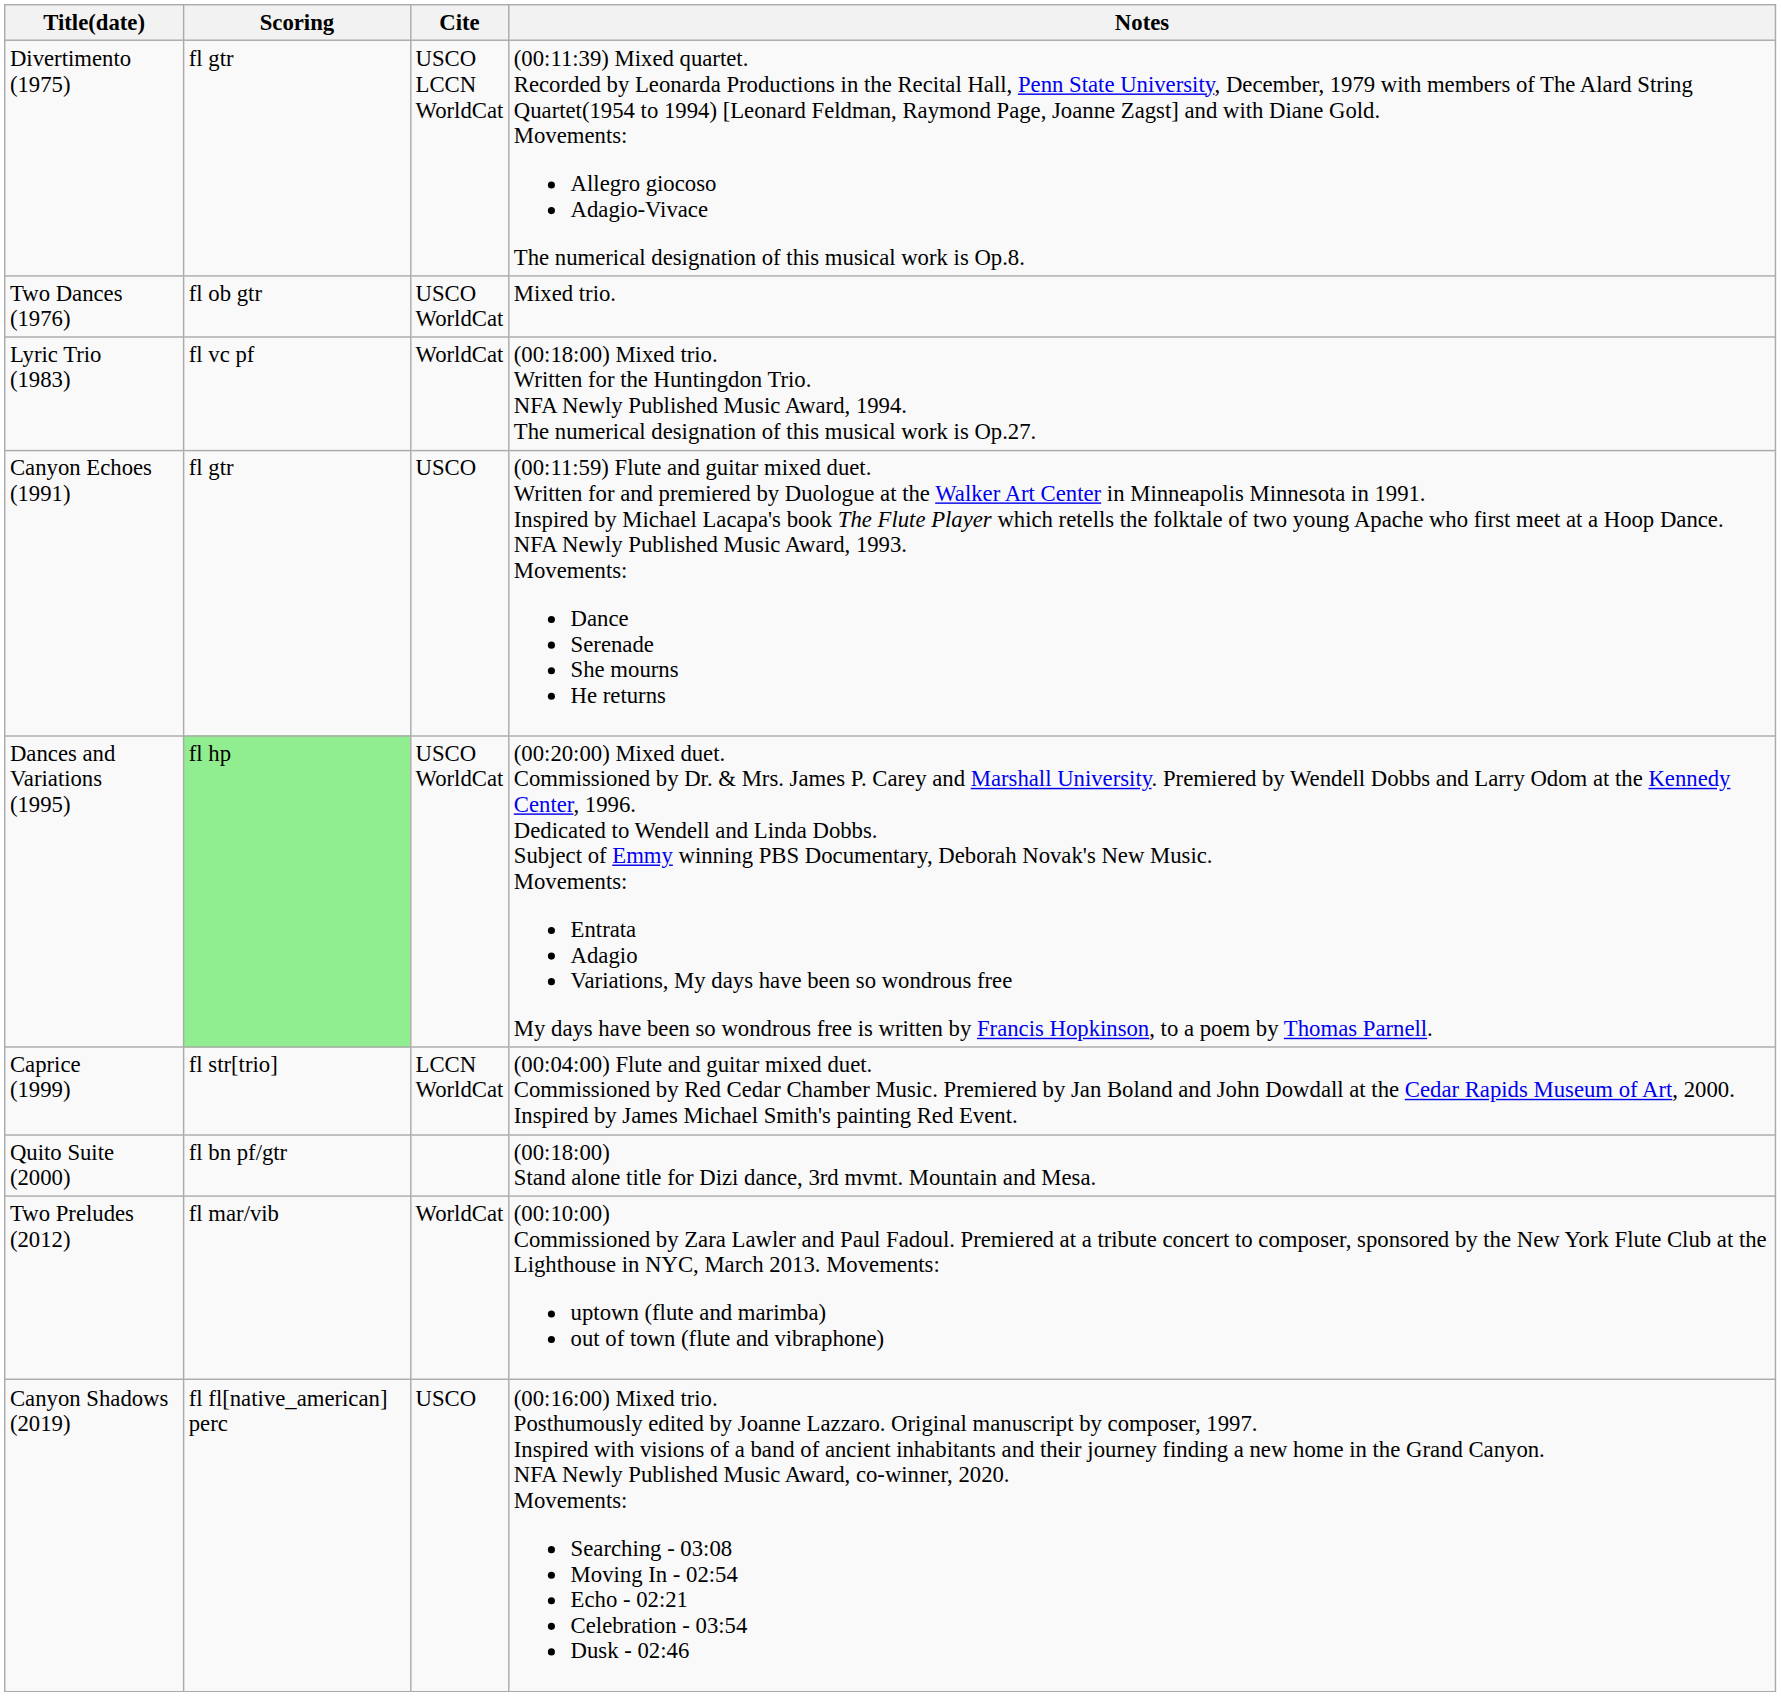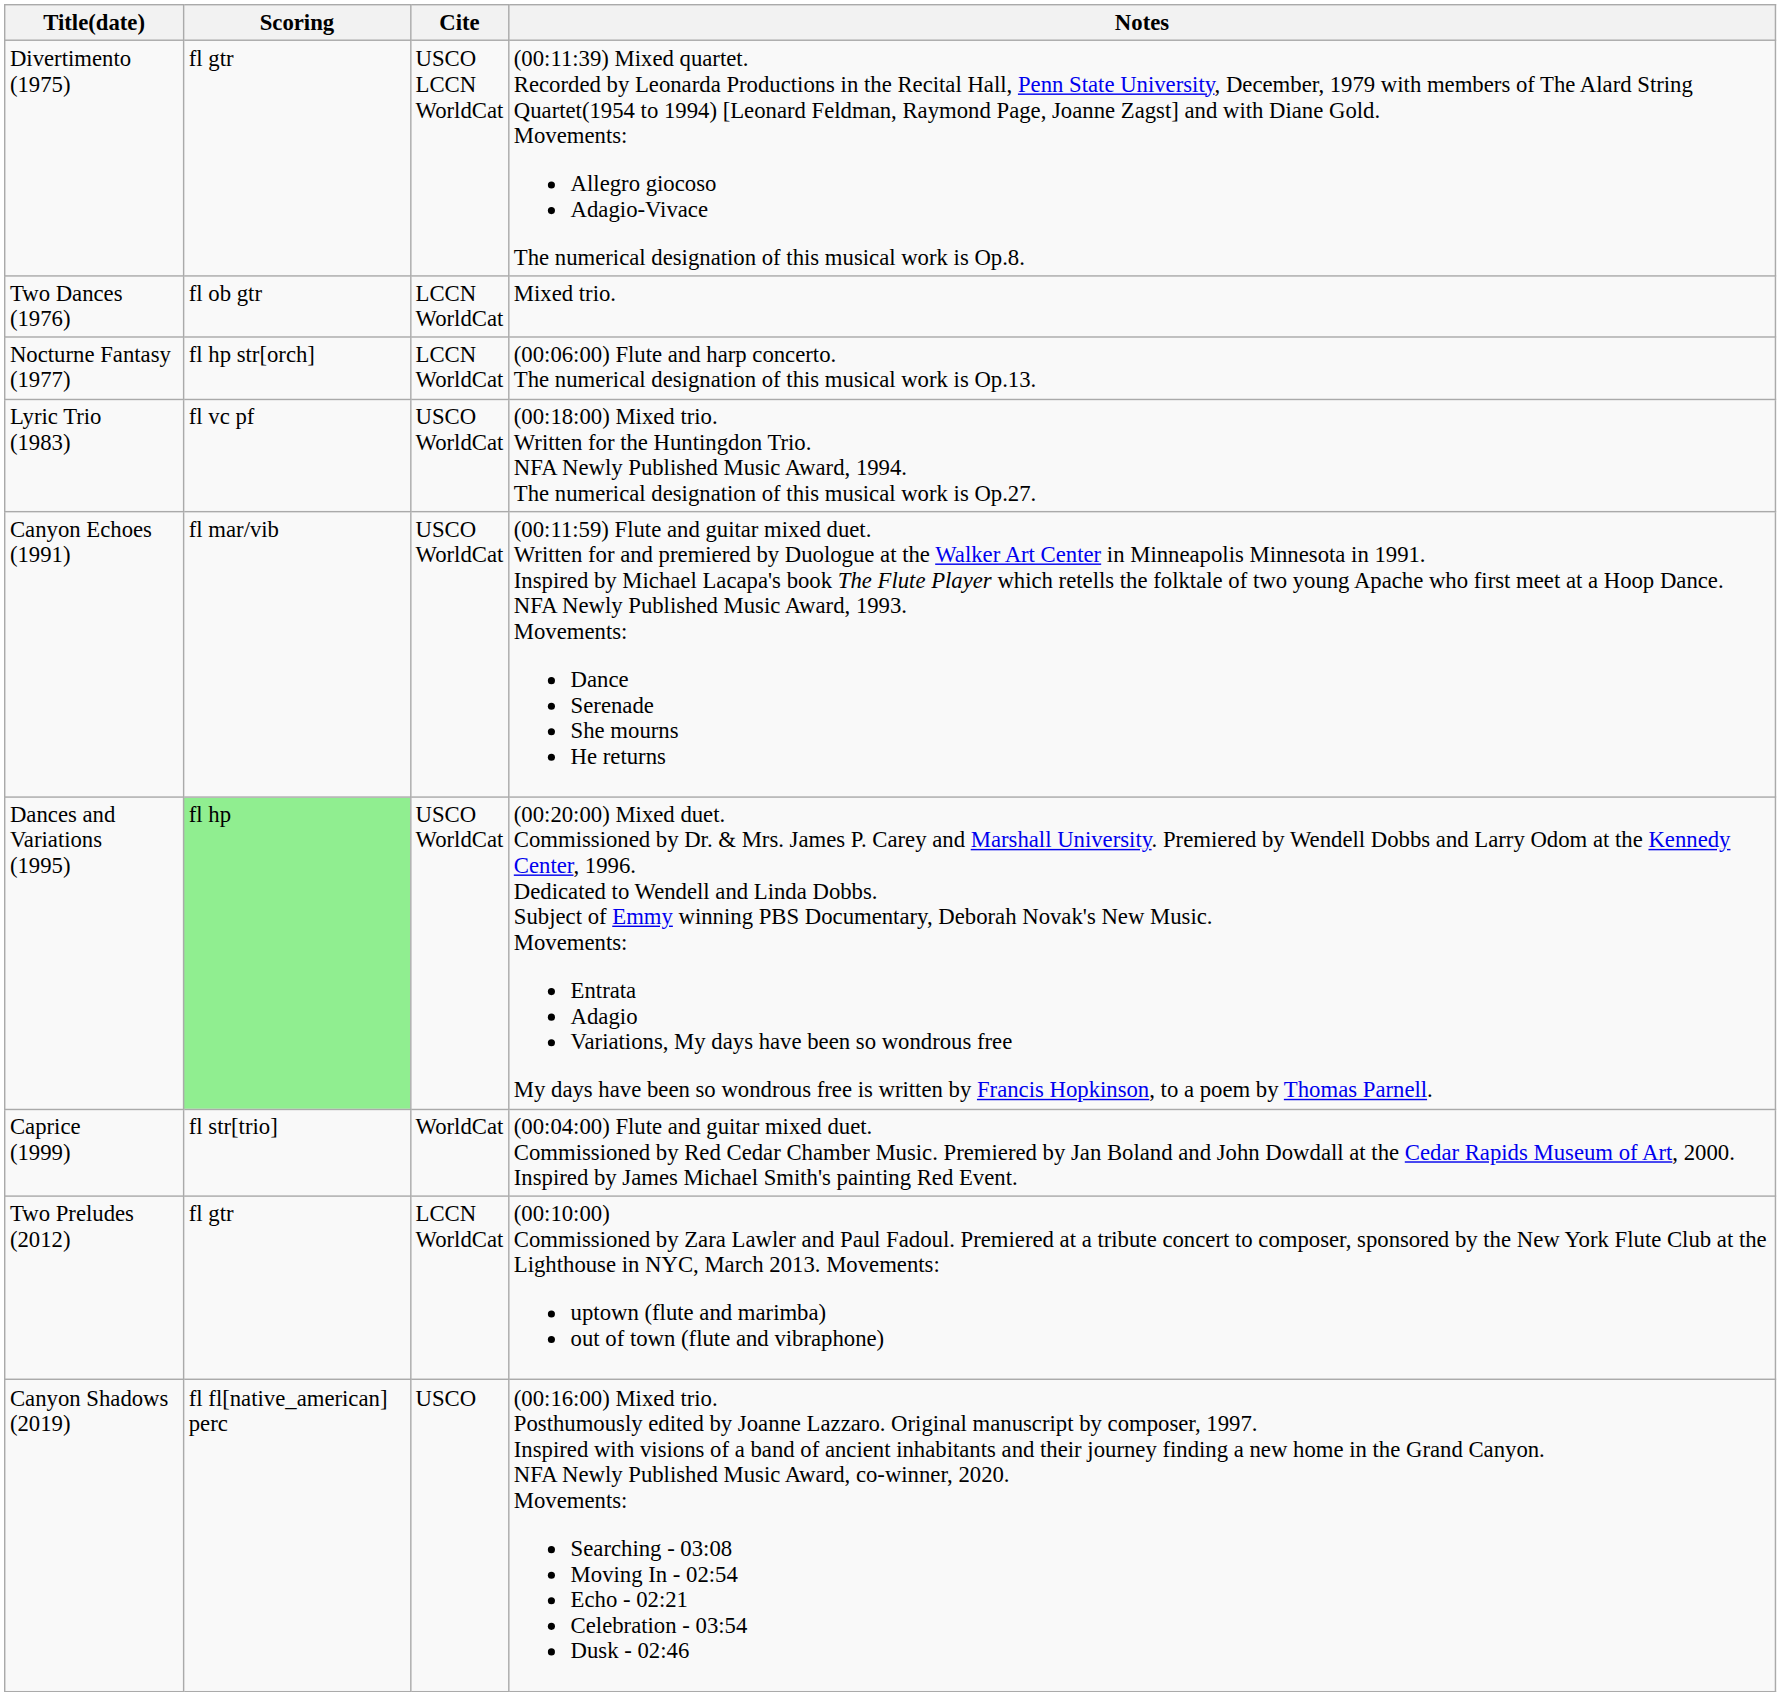 <table class="sortable wikitable" style="margins:auto; width=95%;">
 <tr>
 <th width="">Title(date)</th>
 <th width="">Scoring</th>
 <th width="">Cite</th>
 <th width="">Notes</th>
 </tr>
 <tr valign="top">
 <td>Divertimento<br>(1975)</td>
 <td>fl gtr</td>
 <td>USCO<br>LCCN<br>WorldCat</td>
 <td>(00:11:39) Mixed quartet.<br>Recorded by Leonarda Productions in the Recital Hall, <a href='#'>Penn State University</a>, December, 1979 with members of The Alard String Quartet(1954 to 1994) [Leonard Feldman, Raymond Page, Joanne Zagst] and with Diane Gold.<br>Movements:<ul><li>Allegro giocoso</li><li>Adagio-Vivace</li></ul>The numerical designation of this musical work is Op.8.</td>
 </tr>
 <tr valign="top">
 <td>Two Dances<br>(1976)</td>
 <td>fl ob gtr</td>
-<td>USCO<br>WorldCat</td>
+<td>LCCN<br>WorldCat</td>
 <td>Mixed trio.</td>
+</tr>
+<tr valign="top">
+<td>Nocturne Fantasy<br>(1977)</td>
+<td>fl hp str[orch]</td>
+<td>LCCN<br>WorldCat</td>
+<td>(00:06:00) Flute and harp concerto.<br>The numerical designation of this musical work is Op.13.</td>
 </tr>
 <tr valign="top">
 <td>Lyric Trio<br>(1983)</td>
 <td>fl vc pf</td>
-<td>WorldCat</td>
+<td>USCO<br>WorldCat</td>
 <td>(00:18:00) Mixed trio.<br>Written for the Huntingdon Trio.<br>NFA Newly Published Music Award, 1994.<br>The numerical designation of this musical work is Op.27.</td>
 </tr>
 <tr valign="top">
 <td>Canyon Echoes<br>(1991)</td>
-<td>fl gtr</td>
-<td>USCO</td>
+<td>fl mar/vib</td>
+<td>USCO<br>WorldCat</td>
 <td>(00:11:59) Flute and guitar mixed duet.<br>Written for and premiered by Duologue at the <a href='#'>Walker Art Center</a> in Minneapolis Minnesota in 1991.<br>Inspired by Michael Lacapa's book <em>The Flute Player</em> which retells the folktale of two young Apache who first meet at a Hoop Dance.<br>NFA Newly Published Music Award, 1993.<br>Movements:<ul><li>Dance</li><li>Serenade</li><li>She mourns</li><li>He returns</li></ul></td>
 </tr>
 <tr valign="top">
 <td>Dances and Variations<br>(1995)</td>
 <td style="background: lightgreen;">fl hp</td>
 <td>USCO<br>WorldCat</td>
 <td>(00:20:00) Mixed duet.<br>Commissioned by Dr. & Mrs. James P. Carey and <a href='#'>Marshall University</a>. Premiered by Wendell Dobbs and Larry Odom at the <a href='#'>Kennedy Center</a>, 1996.<br>Dedicated to Wendell and Linda Dobbs.<br>Subject of <a href='#'>Emmy</a> winning PBS Documentary, Deborah Novak's New Music.<br>Movements:<ul><li>Entrata</li><li>Adagio</li><li>Variations, My days have been so wondrous free</li></ul>My days have been so wondrous free is written by <a href='#'>Francis Hopkinson</a>, to a poem by <a href='#'>Thomas Parnell</a>.</td>
 </tr>
 <tr valign="top">
 <td>Caprice<br>(1999)</td>
 <td>fl str[trio]</td>
-<td>LCCN<br>WorldCat</td>
+<td>WorldCat</td>
 <td>(00:04:00) Flute and guitar mixed duet.<br>Commissioned by Red Cedar Chamber Music. Premiered by Jan Boland and John Dowdall at the <a href='#'>Cedar Rapids Museum of Art</a>, 2000.<br>Inspired by James Michael Smith's painting Red Event.</td>
 </tr>
 <tr valign="top">
-<td>Quito Suite<br>(2000)</td>
-<td>fl bn pf/gtr</td>
-<td></td>
-<td>(00:18:00)<br>Stand alone title for Dizi dance, 3rd mvmt. Mountain and Mesa.</td>
-</tr>
-<tr valign="top">
 <td>Two Preludes<br>(2012)</td>
-<td>fl mar/vib</td>
-<td>WorldCat</td>
+<td>fl gtr</td>
+<td>LCCN<br>WorldCat</td>
 <td>(00:10:00)<br>Commissioned by Zara Lawler and Paul Fadoul. Premiered at a tribute concert to composer, sponsored by the New York Flute Club at the Lighthouse in NYC, March 2013. Movements:<ul><li>uptown (flute and marimba)</li><li>out of town (flute and vibraphone)</li></ul></td>
 </tr>
 <tr valign="top">
 <td>Canyon Shadows<br>(2019)</td>
 <td>fl fl[native_american] perc</td>
 <td>USCO</td>
 <td>(00:16:00) Mixed trio.<br>Posthumously edited by Joanne Lazzaro. Original manuscript by composer, 1997.<br>Inspired with visions of a band of ancient inhabitants and their journey finding a new home in the Grand Canyon.<br>NFA Newly Published Music Award, co-winner, 2020.<br>Movements:<ul><li>Searching - 03:08</li><li>Moving In - 02:54</li><li>Echo - 02:21</li><li>Celebration - 03:54</li><li>Dusk - 02:46</li></ul></td>
 </tr>
 </table>
